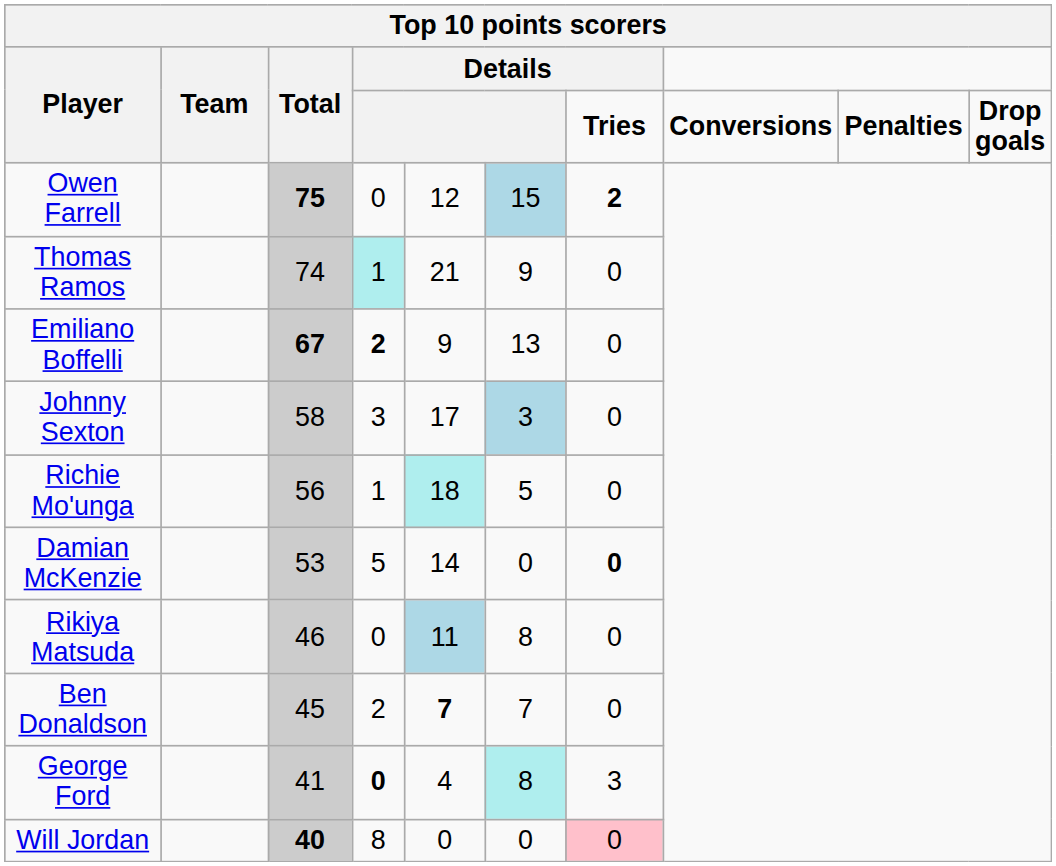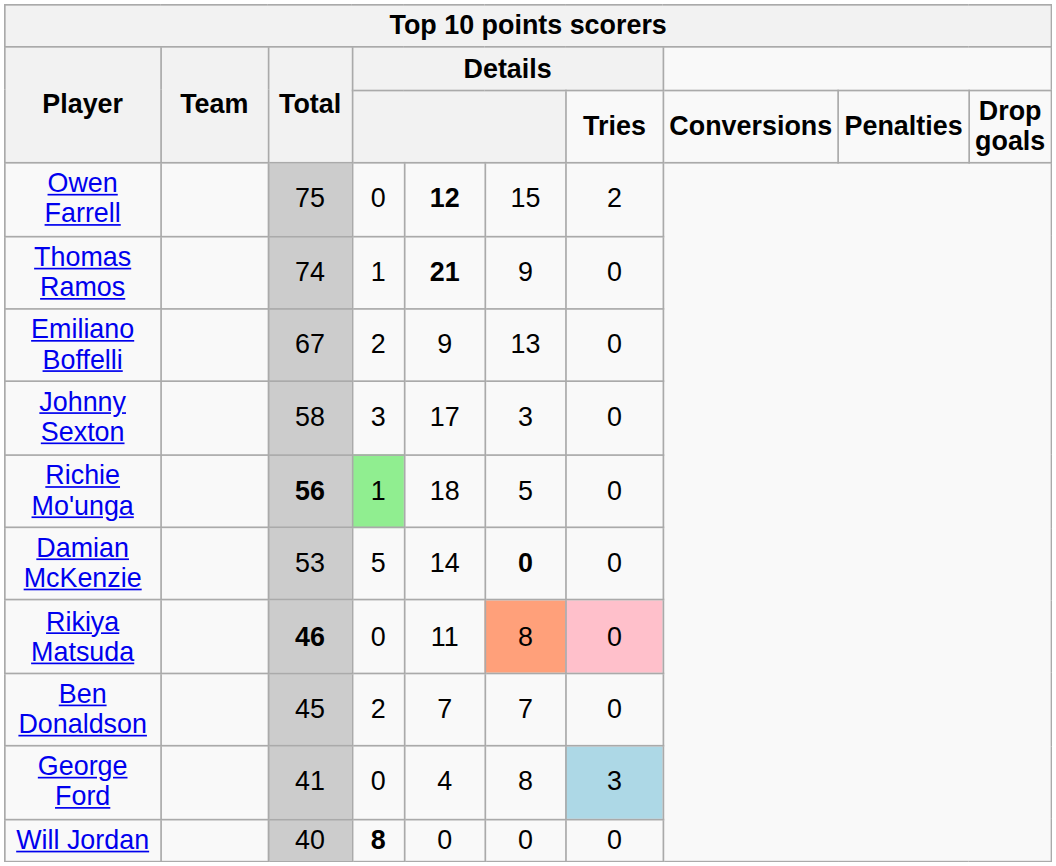 <table class="wikitable sortable collapsible" style="text-align:center;width:100%">
 <tr>
 <th colspan="100">Top 10 points scorers</th>
 </tr>
 <tr>
 <th rowspan="2" style="width:18%">Player</th>
 <th rowspan="2" style="width:16%">Team</th>
 <th rowspan="2" style="width:10%">Total</th>
 <th colspan="4" style="width:56%">Details</th>
 </tr>
 <tr>
 <th colspan="3"></th>
 <td width=14%><strong>Tries</strong></td>
 <td width=14%><strong>Conversions</strong></td>
 <td width=14%><strong>Penalties</strong></td>
 <td width=14%><strong>Drop goals</strong></td>
 </tr>
 <tr>
 <td><a href='#'>Owen Farrell</a></td>
 <td align=left></td>
-<td style="background:#ccc"><strong>75</strong></td>
+<td style="background:#ccc">75</td>
 <td>0</td>
-<td>12</td>
-<td style="background: lightblue;">15</td>
-<td><strong>2</strong></td>
+<td><strong>12</strong></td>
+<td>15</td>
+<td>2</td>
 </tr>
 <tr>
 <td><a href='#'>Thomas Ramos</a></td>
 <td align=left></td>
 <td style="background:#ccc">74</td>
-<td style="background: paleturquoise;">1</td>
-<td>21</td>
+<td>1</td>
+<td><strong>21</strong></td>
 <td>9</td>
 <td>0</td>
 </tr>
 <tr>
 <td><a href='#'>Emiliano Boffelli</a></td>
 <td align=left></td>
-<td style="background:#ccc"><strong>67</strong></td>
-<td><strong>2</strong></td>
+<td style="background:#ccc">67</td>
+<td>2</td>
 <td>9</td>
 <td>13</td>
 <td>0</td>
 </tr>
 <tr>
 <td><a href='#'>Johnny Sexton</a></td>
 <td align=left></td>
 <td style="background:#ccc">58</td>
 <td>3</td>
 <td>17</td>
-<td style="background: lightblue;">3</td>
+<td>3</td>
 <td>0</td>
 </tr>
 <tr>
 <td><a href='#'>Richie Mo'unga</a></td>
 <td align=left></td>
-<td style="background:#ccc">56</td>
-<td>1</td>
-<td style="background: paleturquoise;">18</td>
+<td style="background:#ccc"><strong>56</strong></td>
+<td style="background: lightgreen;">1</td>
+<td>18</td>
 <td>5</td>
 <td>0</td>
 </tr>
 <tr>
 <td><a href='#'>Damian McKenzie</a></td>
 <td align=left></td>
 <td style="background:#ccc">53</td>
 <td>5</td>
 <td>14</td>
+<td><strong>0</strong></td>
 <td>0</td>
-<td><strong>0</strong></td>
 </tr>
 <tr>
 <td><a href='#'>Rikiya Matsuda</a></td>
 <td align=left></td>
-<td style="background:#ccc">46</td>
+<td style="background:#ccc"><strong>46</strong></td>
 <td>0</td>
-<td style="background: lightblue;">11</td>
-<td>8</td>
-<td>0</td>
+<td>11</td>
+<td style="background: lightsalmon;">8</td>
+<td style="background: pink;">0</td>
 </tr>
 <tr>
 <td><a href='#'>Ben Donaldson</a></td>
 <td align=left></td>
 <td style="background:#ccc">45</td>
 <td>2</td>
-<td><strong>7</strong></td>
+<td>7</td>
 <td>7</td>
 <td>0</td>
 </tr>
 <tr>
 <td><a href='#'>George Ford</a></td>
 <td align=left></td>
 <td style="background:#ccc">41</td>
-<td><strong>0</strong></td>
+<td>0</td>
 <td>4</td>
-<td style="background: paleturquoise;">8</td>
-<td>3</td>
+<td>8</td>
+<td style="background: lightblue;">3</td>
 </tr>
 <tr>
 <td><a href='#'>Will Jordan</a></td>
 <td align=left></td>
-<td style="background:#ccc"><strong>40</strong></td>
-<td>8</td>
+<td style="background:#ccc">40</td>
+<td><strong>8</strong></td>
 <td>0</td>
 <td>0</td>
-<td style="background: pink;">0</td>
+<td>0</td>
 </tr>
 </table>
